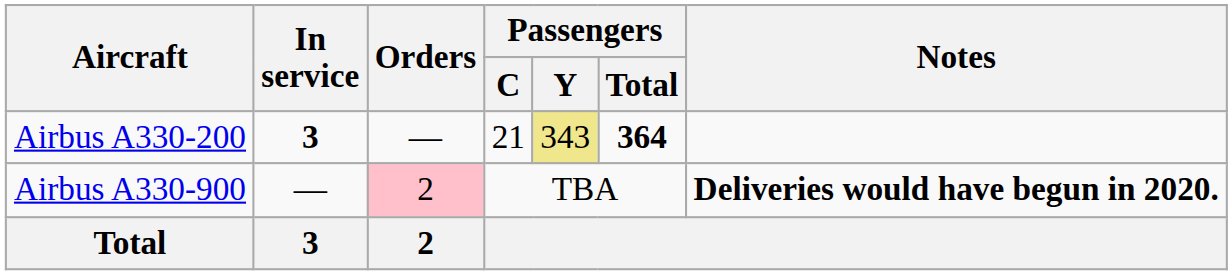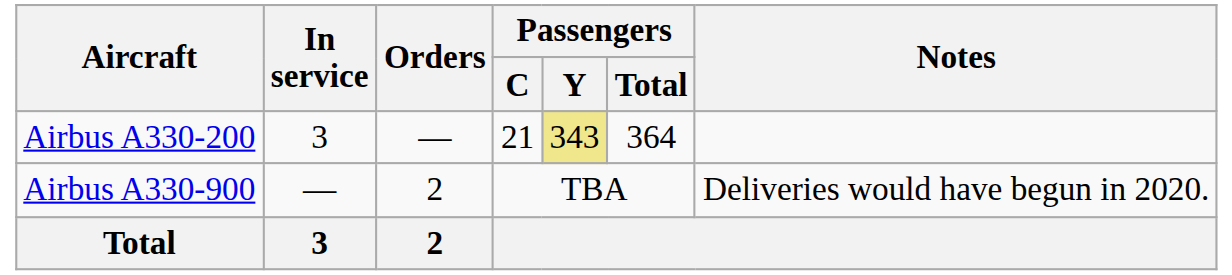 <table class="wikitable" style="margin:0.5em auto; text-align:center">
 <tr>
 <th rowspan=2>Aircraft</th>
 <th rowspan=2>In <br> service</th>
 <th rowspan=2>Orders</th>
 <th colspan=3>Passengers</th>
 <th rowspan=2>Notes</th>
 </tr>
 <tr>
 <th><abbr>C</abbr></th>
 <th><abbr>Y</abbr></th>
 <th>Total</th>
 </tr>
 <tr>
 <td><a href='#'>Airbus A330-200</a></td>
-<td><strong>3</strong></td>
+<td>3</td>
 <td>—</td>
 <td>21</td>
 <td style="background: khaki;">343</td>
-<td><strong>364</strong></td>
+<td>364</td>
 <td></td>
 </tr>
 <tr>
 <td><a href='#'>Airbus A330-900</a></td>
 <td>—</td>
-<td style="background: pink;">2</td>
+<td>2</td>
 <td colspan=3><abbr>TBA</abbr></td>
-<td><strong>Deliveries would have begun in 2020.</strong></td>
+<td>Deliveries would have begun in 2020.</td>
 </tr>
 <tr>
 <th>Total</th>
 <th>3</th>
 <th>2</th>
 <th colspan=4></th>
 </tr>
 </table>
